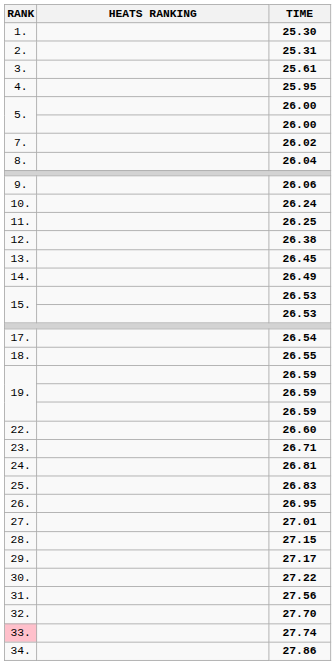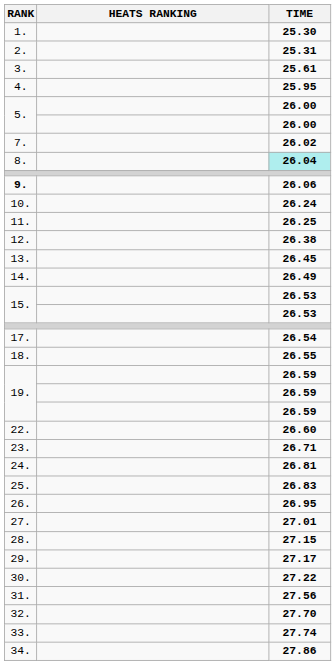 <table class="wikitable">
 <tr>
 <th>RANK</th>
 <th style="width: 20em">HEATS RANKING</th>
 <th style="width: 5em">TIME</th>
 </tr>
 <tr>
 <td align="center">1.</td>
 <td></td>
 <td align="center"><strong>25.30</strong></td>
 </tr>
 <tr>
 <td align="center">2.</td>
 <td></td>
 <td align="center"><strong>25.31</strong></td>
 </tr>
 <tr>
 <td align="center">3.</td>
 <td></td>
 <td align="center"><strong>25.61</strong></td>
 </tr>
 <tr>
 <td align="center">4.</td>
 <td></td>
 <td align="center"><strong>25.95</strong></td>
 </tr>
 <tr>
 <td rowspan=2 align="center">5.</td>
 <td></td>
 <td align="center"><strong>26.00</strong></td>
 </tr>
 <tr>
 <td></td>
 <td align="center"><strong>26.00</strong></td>
 </tr>
 <tr>
 <td align="center">7.</td>
 <td></td>
 <td align="center"><strong>26.02</strong></td>
 </tr>
 <tr>
 <td align="center">8.</td>
 <td></td>
-<td align="center"><strong>26.04</strong></td>
+<td align="center" style="background: paleturquoise;"><strong>26.04</strong></td>
 </tr>
 <tr>
 <td colspan=3 bgcolor=lightgray></td>
 </tr>
 <tr>
-<td align="center">9.</td>
+<td align="center"><strong>9.</strong></td>
 <td></td>
 <td align="center"><strong>26.06</strong></td>
 </tr>
 <tr>
 <td align="center">10.</td>
 <td></td>
 <td align="center"><strong>26.24</strong></td>
 </tr>
 <tr>
 <td align="center">11.</td>
 <td></td>
 <td align="center"><strong>26.25</strong></td>
 </tr>
 <tr>
 <td align="center">12.</td>
 <td></td>
 <td align="center"><strong>26.38</strong></td>
 </tr>
 <tr>
 <td align="center">13.</td>
 <td></td>
 <td align="center"><strong>26.45</strong></td>
 </tr>
 <tr>
 <td align="center">14.</td>
 <td></td>
 <td align="center"><strong>26.49</strong></td>
 </tr>
 <tr>
 <td rowspan=2 align="center">15.</td>
 <td></td>
 <td align="center"><strong>26.53</strong></td>
 </tr>
 <tr>
 <td></td>
 <td align="center"><strong>26.53</strong></td>
 </tr>
 <tr>
 <td colspan=3 bgcolor=lightgray></td>
 </tr>
 <tr>
 <td align="center">17.</td>
 <td></td>
 <td align="center"><strong>26.54</strong></td>
 </tr>
 <tr>
 <td align="center">18.</td>
 <td></td>
 <td align="center"><strong>26.55</strong></td>
 </tr>
 <tr>
 <td rowspan=3 align="center">19.</td>
 <td></td>
 <td align="center"><strong>26.59</strong></td>
 </tr>
 <tr>
 <td></td>
 <td align="center"><strong>26.59</strong></td>
 </tr>
 <tr>
 <td></td>
 <td align="center"><strong>26.59</strong></td>
 </tr>
 <tr>
 <td align="center">22.</td>
 <td></td>
 <td align="center"><strong>26.60</strong></td>
 </tr>
 <tr>
 <td align="center">23.</td>
 <td></td>
 <td align="center"><strong>26.71</strong></td>
 </tr>
 <tr>
 <td align="center">24.</td>
 <td></td>
 <td align="center"><strong>26.81</strong></td>
 </tr>
 <tr>
 <td align="center">25.</td>
 <td></td>
 <td align="center"><strong>26.83</strong></td>
 </tr>
 <tr>
 <td align="center">26.</td>
 <td></td>
 <td align="center"><strong>26.95</strong></td>
 </tr>
 <tr>
 <td align="center">27.</td>
 <td></td>
 <td align="center"><strong>27.01</strong></td>
 </tr>
 <tr>
 <td align="center">28.</td>
 <td></td>
 <td align="center"><strong>27.15</strong></td>
 </tr>
 <tr>
 <td align="center">29.</td>
 <td></td>
 <td align="center"><strong>27.17</strong></td>
 </tr>
 <tr>
 <td align="center">30.</td>
 <td></td>
 <td align="center"><strong>27.22</strong></td>
 </tr>
 <tr>
 <td align="center">31.</td>
 <td></td>
 <td align="center"><strong>27.56</strong></td>
 </tr>
 <tr>
 <td align="center">32.</td>
 <td></td>
 <td align="center"><strong>27.70</strong></td>
 </tr>
 <tr>
-<td align="center" style="background: pink;">33.</td>
+<td align="center">33.</td>
 <td></td>
 <td align="center"><strong>27.74</strong></td>
 </tr>
 <tr>
 <td align="center">34.</td>
 <td></td>
 <td align="center"><strong>27.86</strong></td>
 </tr>
 </table>
